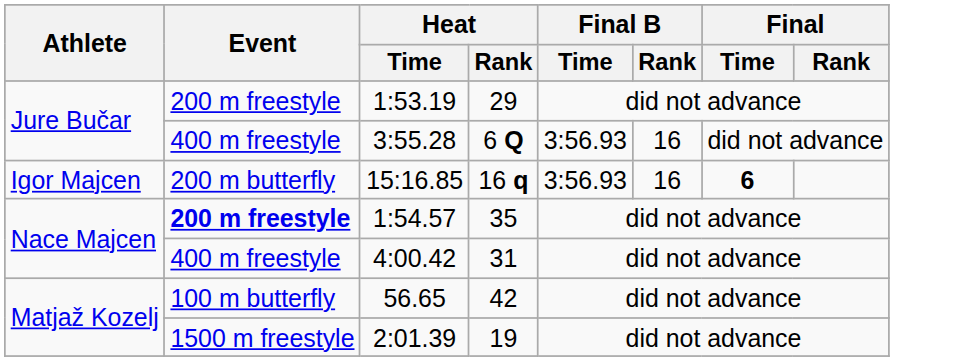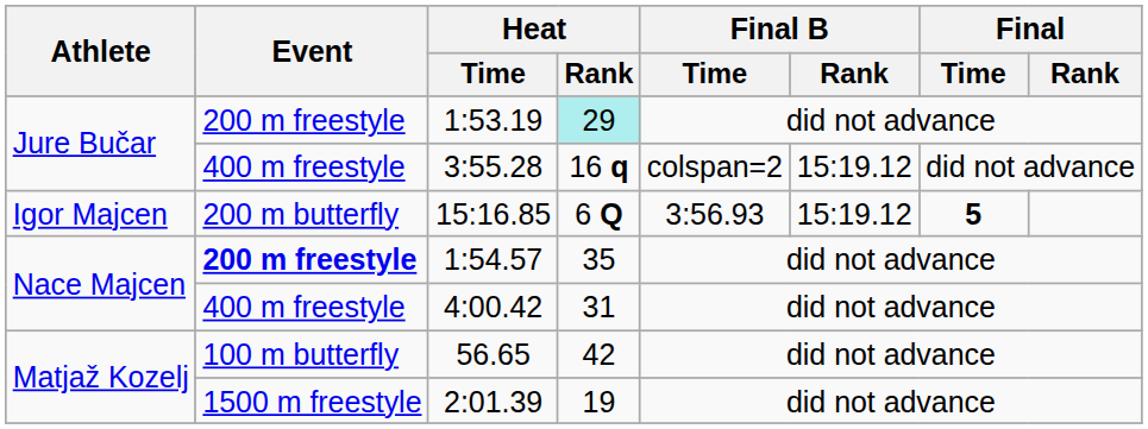 <table class=wikitable style="font-size:90%">
 <tr>
 <th rowspan="2">Athlete</th>
 <th rowspan="2">Event</th>
 <th colspan="2">Heat</th>
 <th colspan="2">Final B</th>
 <th colspan="2">Final</th>
 </tr>
 <tr style="font-size:95%">
 <th>Time</th>
 <th>Rank</th>
 <th>Time</th>
 <th>Rank</th>
 <th>Time</th>
 <th>Rank</th>
 </tr>
 <tr align=center>
 <td align=left rowspan=2><a href='#'>Jure Bučar</a></td>
 <td align=left><a href='#'>200 m freestyle</a></td>
 <td>1:53.19</td>
-<td>29</td>
+<td style="background: paleturquoise;">29</td>
 <td colspan=4>did not advance</td>
 </tr>
 <tr align=center>
 <td align=left><a href='#'>400 m freestyle</a></td>
 <td>3:55.28</td>
-<td>6 <strong>Q</strong></td>
-<td>3:56.93</td>
-<td>16</td>
+<td>16 <strong>q</strong></td>
+<td>colspan=2 </td>
+<td>15:19.12</td>
 <td colspan=2>did not advance</td>
 </tr>
 <tr align=center>
 <td align=left rowspan=1><a href='#'>Igor Majcen</a></td>
 <td align=left><a href='#'>200 m butterfly</a></td>
 <td>15:16.85</td>
-<td>16 <strong>q</strong></td>
+<td>6 <strong>Q</strong></td>
 <td>3:56.93</td>
-<td>16</td>
-<td><strong>6</strong></td>
+<td>15:19.12</td>
+<td><strong>5</strong></td>
 </tr>
 <tr align=center>
 <td align=left rowspan=2><a href='#'>Nace Majcen</a></td>
 <td align=left><strong><a href='#'>200 m freestyle</a></strong></td>
 <td>1:54.57</td>
 <td>35</td>
 <td colspan=4>did not advance</td>
 </tr>
 <tr align=center>
 <td align=left><a href='#'>400 m freestyle</a></td>
 <td>4:00.42</td>
 <td>31</td>
 <td colspan=6>did not advance</td>
 </tr>
 <tr align=center>
 <td align=left rowspan=2><a href='#'>Matjaž Kozelj</a></td>
 <td align=left><a href='#'>100 m butterfly</a></td>
 <td>56.65</td>
 <td>42</td>
 <td colspan=4>did not advance</td>
 </tr>
 <tr align=center>
 <td align=left><a href='#'>1500 m freestyle</a></td>
 <td>2:01.39</td>
 <td>19</td>
 <td colspan=4>did not advance</td>
 </tr>
 </table>
